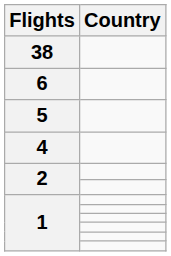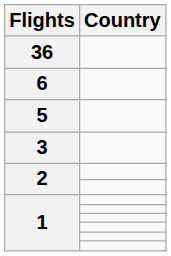 <table class="wikitable">
 <tr>
 <th>Flights</th>
 <th>Country</th>
 </tr>
 <tr>
-<th>38</th>
+<th>36</th>
 <td></td>
 </tr>
 <tr>
 <th>6</th>
 <td></td>
 </tr>
 <tr>
 <th>5</th>
 <td></td>
 </tr>
 <tr>
-<th>4</th>
+<th>3</th>
 <td></td>
 </tr>
 <tr>
 <th rowspan="2">2</th>
 <td></td>
 </tr>
 <tr>
 <td></td>
 </tr>
 <tr>
 <th rowspan="6">1</th>
 <td></td>
 </tr>
 <tr>
 <td></td>
 </tr>
 <tr>
 <td></td>
 </tr>
 <tr>
 <td></td>
 </tr>
 <tr>
 <td></td>
 </tr>
 <tr>
 <td></td>
 </tr>
 </table>
